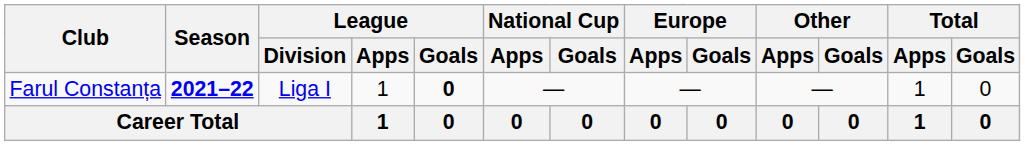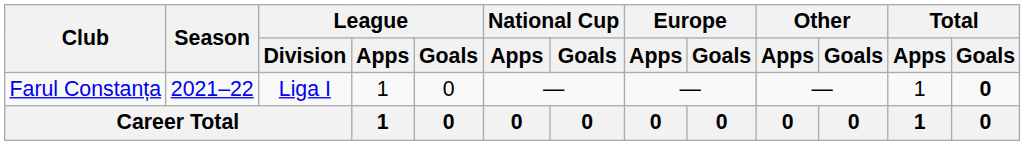 <table class=wikitable style=text-align:center>
 <tr>
 <th rowspan=2>Club</th>
 <th rowspan=2>Season</th>
 <th colspan=3>League</th>
 <th colspan=2>National Cup</th>
 <th colspan=2>Europe</th>
 <th colspan=2>Other</th>
 <th colspan=2>Total</th>
 </tr>
 <tr>
 <th>Division</th>
 <th>Apps</th>
 <th>Goals</th>
 <th>Apps</th>
 <th>Goals</th>
 <th>Apps</th>
 <th>Goals</th>
 <th>Apps</th>
 <th>Goals</th>
 <th>Apps</th>
 <th>Goals</th>
 </tr>
 <tr>
 <td rowspan="1"><a href='#'>Farul Constanța</a></td>
-<td><strong><a href='#'>2021–22</a></strong></td>
+<td><a href='#'>2021–22</a></td>
 <td rowspan="1"><a href='#'>Liga I</a></td>
 <td>1</td>
-<td><strong>0</strong></td>
+<td>0</td>
 <td colspan="2">—</td>
 <td colspan="2">—</td>
 <td colspan="2">—</td>
 <td>1</td>
-<td>0</td>
+<td><strong>0</strong></td>
 </tr>
 <tr>
 <th colspan="3">Career Total</th>
 <th>1</th>
 <th>0</th>
 <th>0</th>
 <th>0</th>
 <th>0</th>
 <th>0</th>
 <th>0</th>
 <th>0</th>
 <th>1</th>
 <th>0</th>
 </tr>
 </table>
